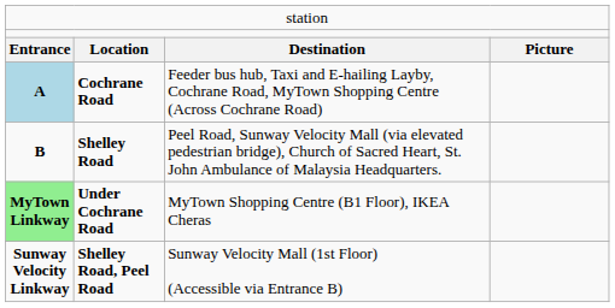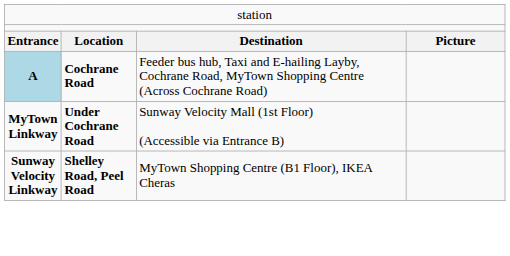 <table class="wikitable" style="width:70%">
 <tr>
 <td colspan="4" align="center"> station</td>
 </tr>
 <tr>
 <td colspan="4" align="center"></td>
 </tr>
 <tr>
 <th style="width:10%">Entrance</th>
 <th style="width:15%">Location</th>
 <th style="width:55%">Destination</th>
 <th style="width:20%">Picture</th>
 </tr>
 <tr>
 <td align="center" style="background: lightblue;"><strong><span>A</span></strong></td>
 <td><strong>Cochrane Road</strong></td>
 <td>Feeder bus hub, Taxi and E-hailing Layby, Cochrane Road, MyTown Shopping Centre (Across Cochrane Road)</td>
 <td></td>
 </tr>
 <tr>
-<td align="center"><strong><span>B</span></strong></td>
-<td><strong>Shelley Road</strong></td>
-<td>Peel Road, Sunway Velocity Mall (via elevated pedestrian bridge), Church of Sacred Heart, St. John Ambulance of Malaysia Headquarters.</td>
-<td></td>
-</tr>
-<tr>
-<td align="center" style="background: lightgreen;"><strong>MyTown Linkway</strong></td>
+<td align="center"><strong>MyTown Linkway</strong></td>
 <td><strong>Under Cochrane Road</strong></td>
-<td>MyTown Shopping Centre (B1 Floor), IKEA Cheras</td>
+<td>Sunway Velocity Mall (1st Floor)<br><br>(Accessible via Entrance B)</td>
 <td></td>
 </tr>
 <tr>
 <td align="center"><strong>Sunway Velocity Linkway</strong></td>
 <td><strong>Shelley Road, Peel Road</strong></td>
-<td>Sunway Velocity Mall (1st Floor)<br><br>(Accessible via Entrance B)</td>
+<td>MyTown Shopping Centre (B1 Floor), IKEA Cheras</td>
 <td></td>
 </tr>
 </table>
